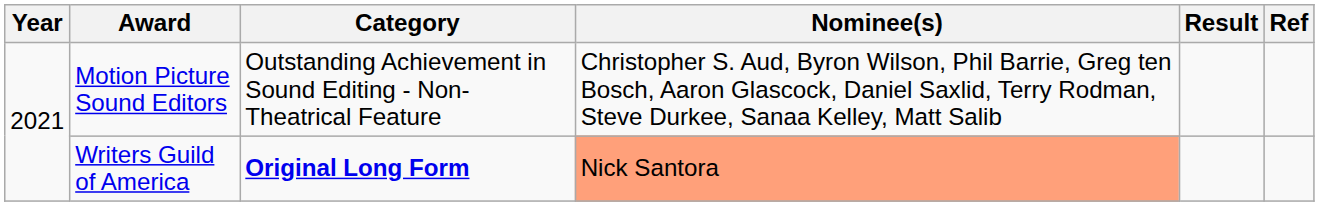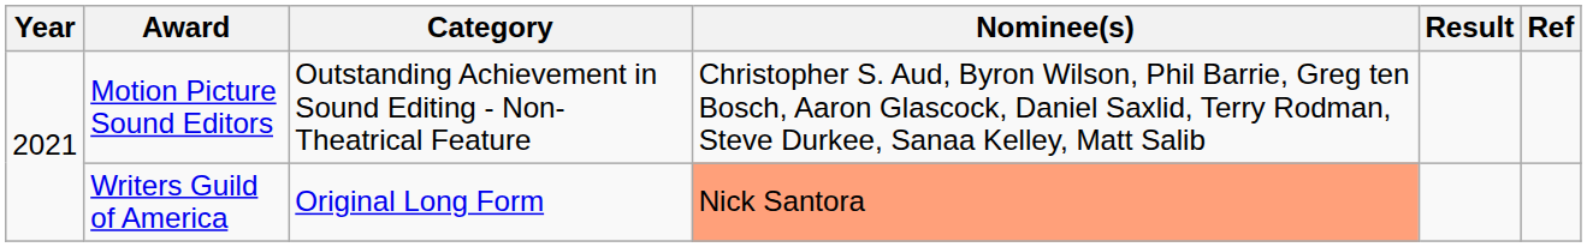 <table class="wikitable">
 <tr>
 <th>Year</th>
 <th>Award</th>
 <th>Category</th>
 <th>Nominee(s)</th>
 <th>Result</th>
 <th>Ref</th>
 </tr>
 <tr>
 <td rowspan="2">2021</td>
 <td><a href='#'>Motion Picture Sound Editors</a></td>
 <td>Outstanding Achievement in Sound Editing - Non-Theatrical Feature</td>
 <td>Christopher S. Aud, Byron Wilson, Phil Barrie, Greg ten Bosch, Aaron Glascock, Daniel Saxlid, Terry Rodman, Steve Durkee, Sanaa Kelley, Matt Salib</td>
 <td></td>
 <td style="text-align:center;"></td>
 </tr>
 <tr>
 <td><a href='#'>Writers Guild of America</a></td>
-<td><strong><a href='#'>Original Long Form</a></strong></td>
+<td><a href='#'>Original Long Form</a></td>
 <td style="background: lightsalmon;">Nick Santora</td>
 <td></td>
 <td style="text-align:center;"></td>
 </tr>
 </table>
